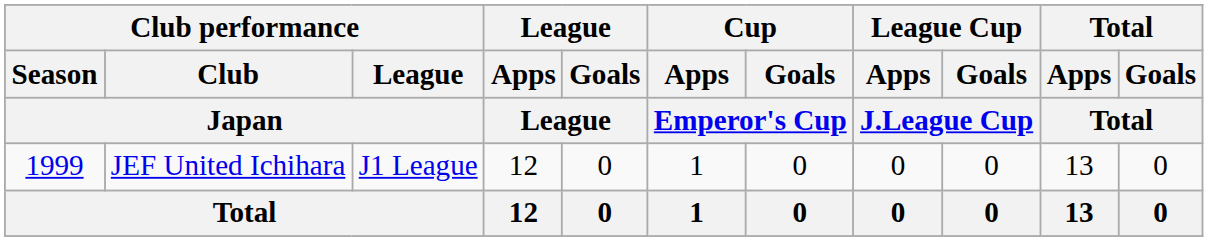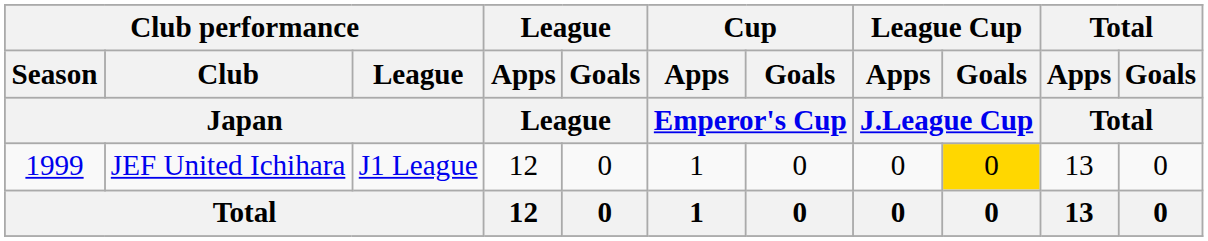 <table class="wikitable" style="text-align:center;">
 <tr>
 <th colspan=3>Club performance</th>
 <th colspan=2>League</th>
 <th colspan=2>Cup</th>
 <th colspan=2>League Cup</th>
 <th colspan=2>Total</th>
 </tr>
 <tr>
 <th>Season</th>
 <th>Club</th>
 <th>League</th>
 <th>Apps</th>
 <th>Goals</th>
 <th>Apps</th>
 <th>Goals</th>
 <th>Apps</th>
 <th>Goals</th>
 <th>Apps</th>
 <th>Goals</th>
 </tr>
 <tr>
 <th colspan=3>Japan</th>
 <th colspan=2>League</th>
 <th colspan=2><a href='#'>Emperor's Cup</a></th>
 <th colspan=2><a href='#'>J.League Cup</a></th>
 <th colspan=2>Total</th>
 </tr>
 <tr>
 <td><a href='#'>1999</a></td>
 <td><a href='#'>JEF United Ichihara</a></td>
 <td><a href='#'>J1 League</a></td>
 <td>12</td>
 <td>0</td>
 <td>1</td>
 <td>0</td>
 <td>0</td>
-<td>0</td>
+<td style="background: gold;">0</td>
 <td>13</td>
 <td>0</td>
 </tr>
 <tr>
 <th colspan=3>Total</th>
 <th>12</th>
 <th>0</th>
 <th>1</th>
 <th>0</th>
 <th>0</th>
 <th>0</th>
 <th>13</th>
 <th>0</th>
 </tr>
 </table>
